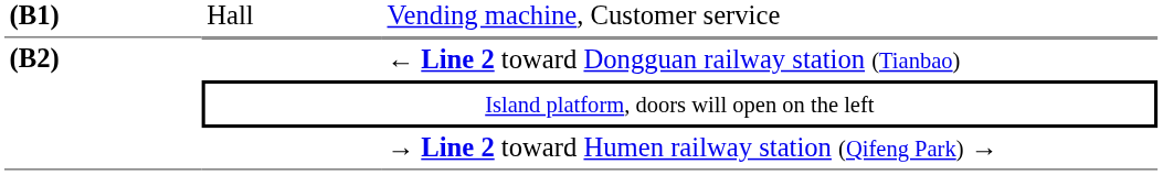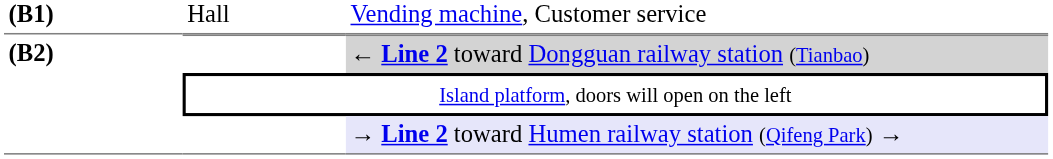 <table table border=0 cellspacing=0 cellpadding=3>
 <tr>
 <td style="border-bottom:solid 1px gray;border-top:solid 0px gray;" width=110 valign=top><strong>(B1)</strong></td>
 <td style="border-top:solid 0px gray;border-bottom:solid 1px gray;" width=100 valign=top>Hall</td>
 <td style="border-top:solid 0px gray;border-bottom:solid 1px gray;" width=390 valign=top><a href='#'>Vending machine</a>, Customer service</td>
 </tr>
 <tr>
 <td style="border-top:solid 0px gray;border-bottom:solid 1px gray;" width=110 rowspan=3 valign=top><strong>(B2)</strong></td>
 <td style="border-top:solid 1px gray;" width=100><span><strong> </strong></span></td>
-<td style="border-top:solid 1px gray;" width=450>← <a href='#'><span><strong>Line 2</strong></span></a> toward <a href='#'>Dongguan railway station</a> <small>(<a href='#'>Tianbao</a>)</small></td>
+<td style="background: lightgrey; border-top:solid 1px gray;" width=450>← <a href='#'><span><strong>Line 2</strong></span></a> toward <a href='#'>Dongguan railway station</a> <small>(<a href='#'>Tianbao</a>)</small></td>
 </tr>
 <tr>
 <td style="border-top:solid 2px black;border-right:solid 2px black;border-left:solid 2px black;border-bottom:solid 2px black;text-align:center;" colspan=2><small><a href='#'>Island platform</a>, doors will open on the left</small></td>
 </tr>
 <tr>
 <td style="border-bottom:solid 1px gray;" width=100><span><strong> </strong></span></td>
-<td style="border-bottom:solid 1px gray;" width=390><span>→</span> <a href='#'><span><strong>Line 2</strong></span></a> toward <a href='#'>Humen railway station</a> <small>(<a href='#'>Qifeng Park</a>)</small> →</td>
+<td style="background: lavender; border-bottom:solid 1px gray;" width=390><span>→</span> <a href='#'><span><strong>Line 2</strong></span></a> toward <a href='#'>Humen railway station</a> <small>(<a href='#'>Qifeng Park</a>)</small> →</td>
 </tr>
 </table>
